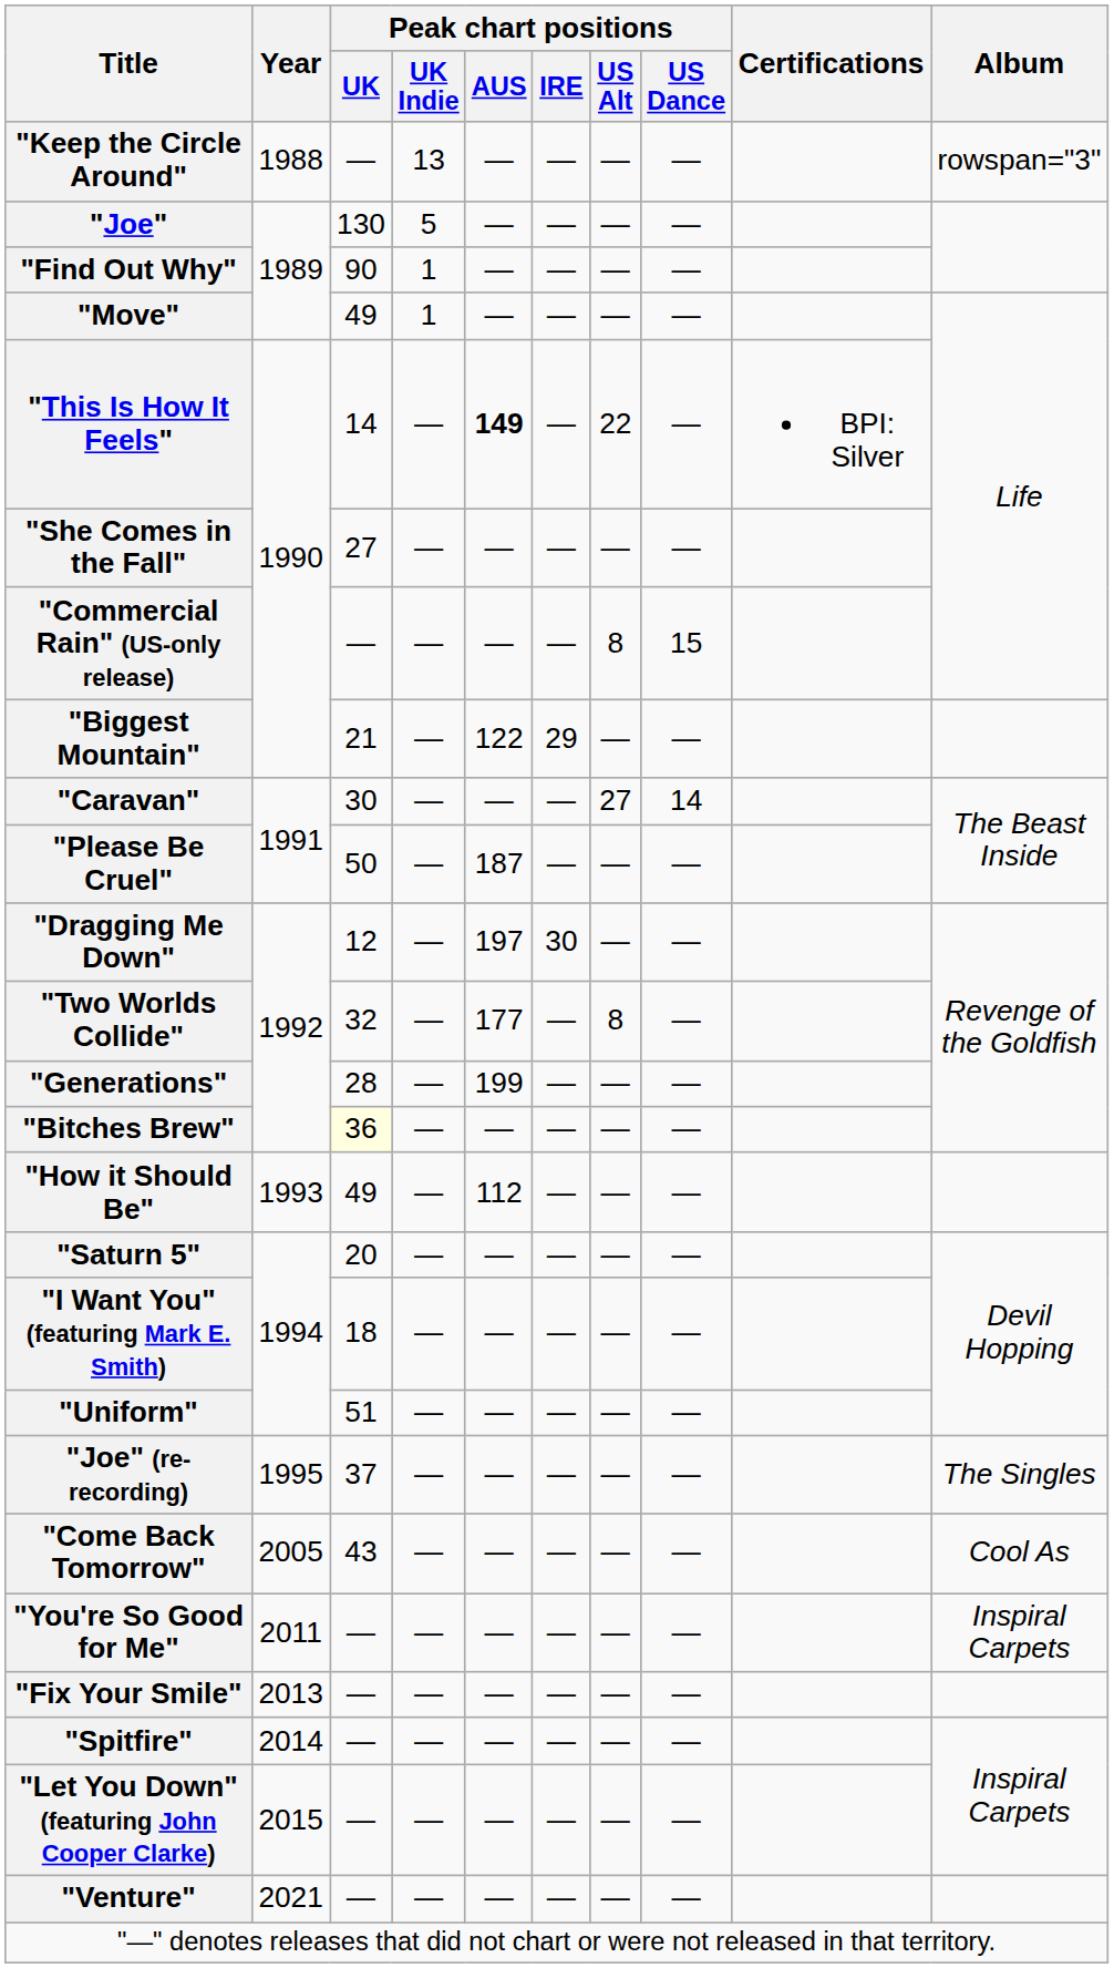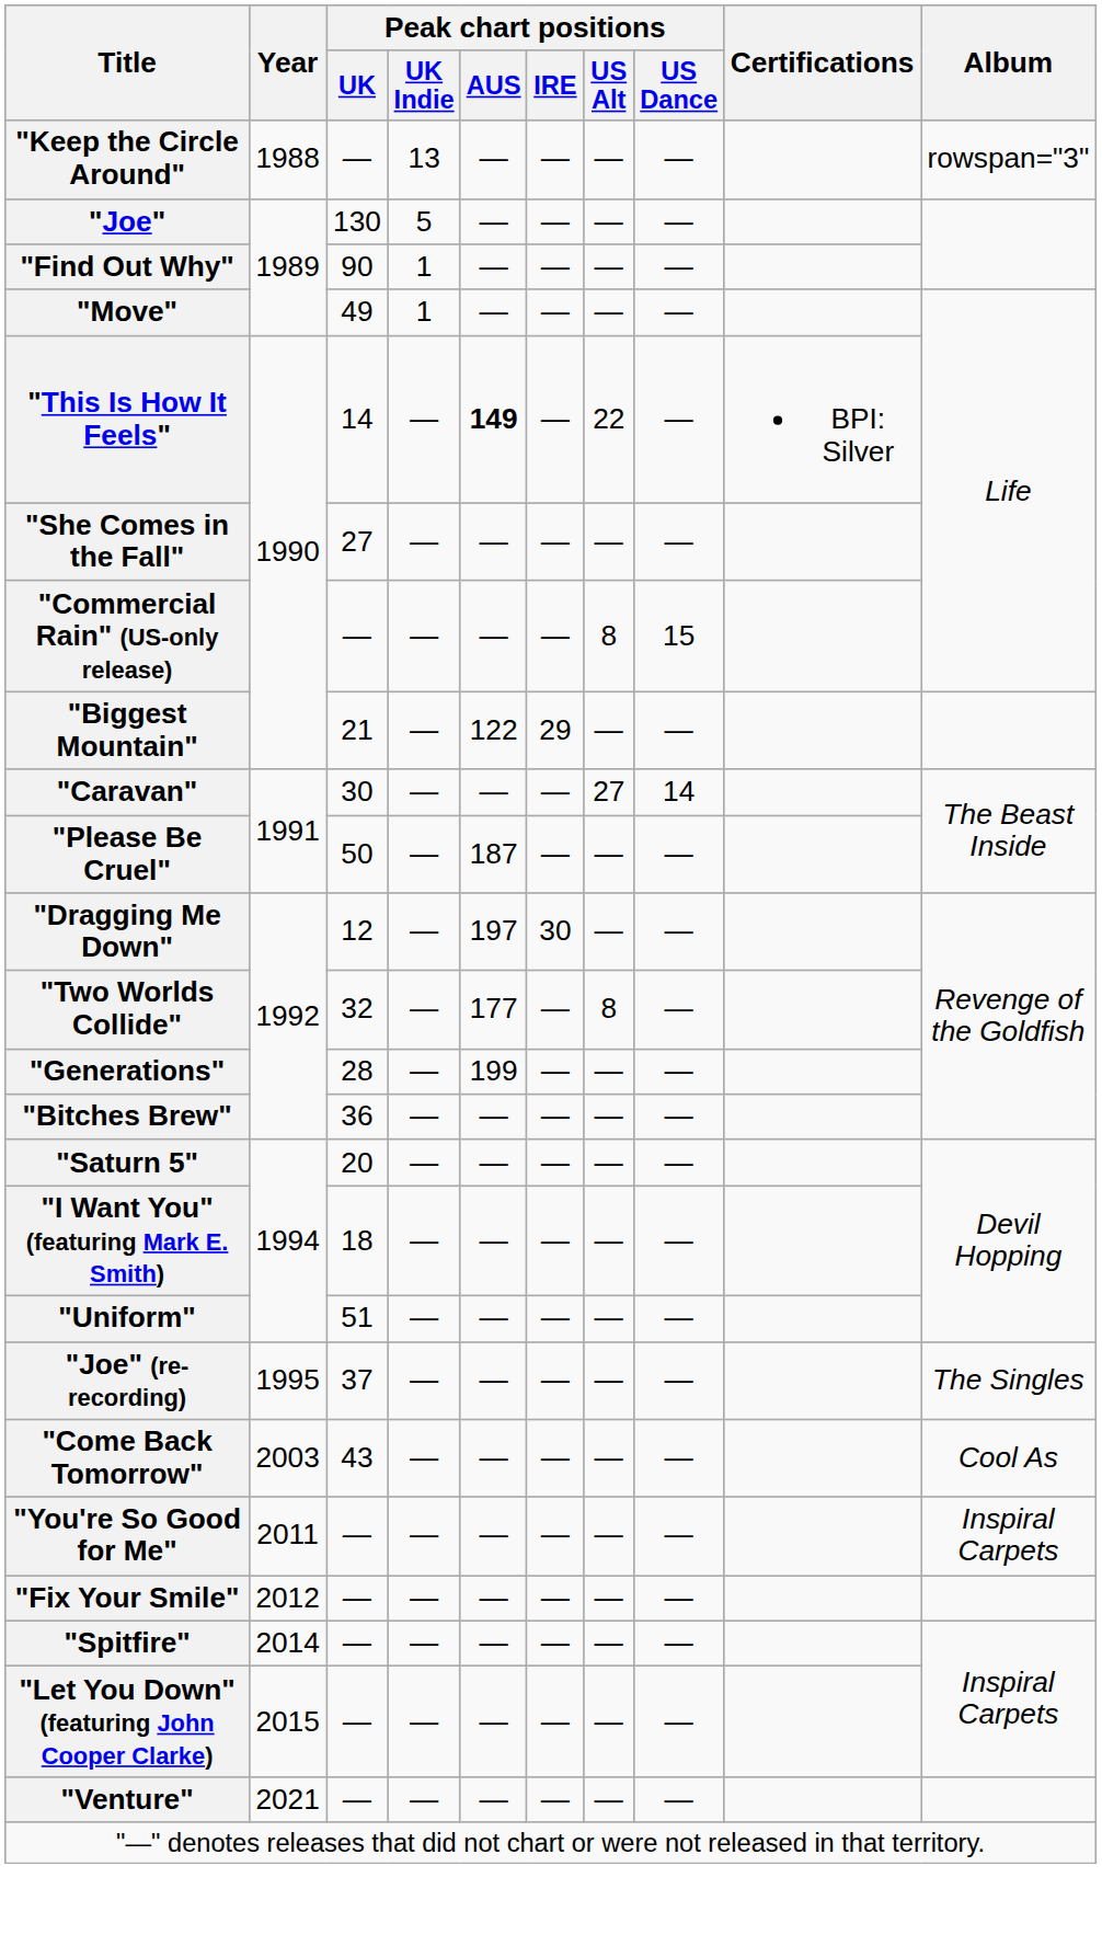 <table class="wikitable plainrowheaders" style="text-align:center;">
 <tr>
 <th rowspan="2" scope="col" style="width:15em;">Title</th>
 <th rowspan="2" scope="col" style="width:2em;">Year</th>
 <th colspan="6">Peak chart positions</th>
 <th rowspan="2">Certifications</th>
 <th rowspan="2">Album</th>
 </tr>
 <tr>
 <th scope="col" style="width:2em;font-size:90%;"><a href='#'>UK</a><br></th>
 <th scope="col" style="width:2em;font-size:90%;"><a href='#'>UK Indie</a><br></th>
 <th scope="col" style="width:2em;font-size:90%;"><a href='#'>AUS</a><br></th>
 <th scope="col" style="width:2em;font-size:90%;"><a href='#'>IRE</a><br></th>
 <th scope="col" style="width:2em;font-size:90%;"><a href='#'>US Alt</a><br></th>
 <th scope="col" style="width:2em;font-size:90%;"><a href='#'>US Dance</a><br></th>
 </tr>
 <tr>
 <th scope="row">"Keep the Circle Around"</th>
 <td>1988</td>
 <td>—</td>
 <td>13</td>
 <td>—</td>
 <td>—</td>
 <td>—</td>
 <td>—</td>
 <td></td>
 <td>rowspan="3" </td>
 </tr>
 <tr>
 <th scope="row">"<a href='#'>Joe</a>"</th>
 <td rowspan="3">1989</td>
 <td>130</td>
 <td>5</td>
 <td>—</td>
 <td>—</td>
 <td>—</td>
 <td>—</td>
 <td></td>
 </tr>
 <tr>
 <th scope="row">"Find Out Why"</th>
 <td>90</td>
 <td>1</td>
 <td>—</td>
 <td>—</td>
 <td>—</td>
 <td>—</td>
 <td></td>
 </tr>
 <tr>
 <th scope="row">"Move"</th>
 <td>49</td>
 <td>1</td>
 <td>—</td>
 <td>—</td>
 <td>—</td>
 <td>—</td>
 <td></td>
 <td rowspan="4"><em>Life</em></td>
 </tr>
 <tr>
 <th scope="row">"<a href='#'>This Is How It Feels</a>"</th>
 <td rowspan="4">1990</td>
 <td>14</td>
 <td>—</td>
 <td><strong>149</strong></td>
 <td>—</td>
 <td>22</td>
 <td>—</td>
 <td><br><ul><li>BPI: Silver</li></ul></td>
 </tr>
 <tr>
 <th scope="row">"She Comes in the Fall"</th>
 <td>27</td>
 <td>—</td>
 <td>—</td>
 <td>—</td>
 <td>—</td>
 <td>—</td>
 <td></td>
 </tr>
 <tr>
 <th scope="row">"Commercial Rain" <small>(US-only release)</small></th>
 <td>—</td>
 <td>—</td>
 <td>—</td>
 <td>—</td>
 <td>8</td>
 <td>15</td>
 <td></td>
 </tr>
 <tr>
 <th scope="row">"Biggest Mountain" </th>
 <td>21</td>
 <td>—</td>
 <td>122</td>
 <td>29</td>
 <td>—</td>
 <td>—</td>
 <td></td>
 <td></td>
 </tr>
 <tr>
 <th scope="row">"Caravan"</th>
 <td rowspan="2">1991</td>
 <td>30</td>
 <td>—</td>
 <td>—</td>
 <td>—</td>
 <td>27</td>
 <td>14</td>
 <td></td>
 <td rowspan="2"><em>The Beast Inside</em></td>
 </tr>
 <tr>
 <th scope="row">"Please Be Cruel"</th>
 <td>50</td>
 <td>—</td>
 <td>187</td>
 <td>—</td>
 <td>—</td>
 <td>—</td>
 <td></td>
 </tr>
 <tr>
 <th scope="row">"Dragging Me Down"</th>
 <td rowspan="4">1992</td>
 <td>12</td>
 <td>—</td>
 <td>197</td>
 <td>30</td>
 <td>—</td>
 <td>—</td>
 <td></td>
 <td rowspan="4"><em>Revenge of the Goldfish</em></td>
 </tr>
 <tr>
 <th scope="row">"Two Worlds Collide"</th>
 <td>32</td>
 <td>—</td>
 <td>177</td>
 <td>—</td>
 <td>8</td>
 <td>—</td>
 <td></td>
 </tr>
 <tr>
 <th scope="row">"Generations"</th>
 <td>28</td>
 <td>—</td>
 <td>199</td>
 <td>—</td>
 <td>—</td>
 <td>—</td>
 <td></td>
 </tr>
 <tr>
 <th scope="row">"Bitches Brew"</th>
-<td style="background: lightyellow;">36</td>
+<td>36</td>
 <td>—</td>
 <td>—</td>
 <td>—</td>
 <td>—</td>
 <td>—</td>
-<td></td>
-</tr>
-<tr>
-<th scope="row">"How it Should Be"</th>
-<td>1993</td>
-<td>49</td>
-<td>—</td>
-<td>112</td>
-<td>—</td>
-<td>—</td>
-<td>—</td>
-<td></td>
 <td></td>
 </tr>
 <tr>
 <th scope="row">"Saturn 5"</th>
 <td rowspan="3">1994</td>
 <td>20</td>
 <td>—</td>
 <td>—</td>
 <td>—</td>
 <td>—</td>
 <td>—</td>
 <td></td>
 <td rowspan="3"><em>Devil Hopping</em></td>
 </tr>
 <tr>
 <th scope="row">"I Want You" <small>(featuring <a href='#'>Mark E. Smith</a>)</small></th>
 <td>18</td>
 <td>—</td>
 <td>—</td>
 <td>—</td>
 <td>—</td>
 <td>—</td>
 <td></td>
 </tr>
 <tr>
 <th scope="row">"Uniform"</th>
 <td>51</td>
 <td>—</td>
 <td>—</td>
 <td>—</td>
 <td>—</td>
 <td>—</td>
 <td></td>
 </tr>
 <tr>
 <th scope="row">"Joe" <small>(re-recording)</small></th>
 <td>1995</td>
 <td>37</td>
 <td>—</td>
 <td>—</td>
 <td>—</td>
 <td>—</td>
 <td>—</td>
 <td></td>
 <td><em>The Singles</em></td>
 </tr>
 <tr>
 <th scope="row">"Come Back Tomorrow"</th>
-<td>2005</td>
+<td>2003</td>
 <td>43</td>
 <td>—</td>
 <td>—</td>
 <td>—</td>
 <td>—</td>
 <td>—</td>
 <td></td>
 <td><em>Cool As</em></td>
 </tr>
 <tr>
 <th scope="row">"You're So Good for Me"</th>
 <td>2011</td>
 <td>—</td>
 <td>—</td>
 <td>—</td>
 <td>—</td>
 <td>—</td>
 <td>—</td>
 <td></td>
 <td><em>Inspiral Carpets</em></td>
 </tr>
 <tr>
 <th scope="row">"Fix Your Smile"</th>
-<td>2013</td>
+<td>2012</td>
 <td>—</td>
 <td>—</td>
 <td>—</td>
 <td>—</td>
 <td>—</td>
 <td>—</td>
 <td></td>
 <td></td>
 </tr>
 <tr>
 <th scope="row">"Spitfire"</th>
 <td>2014</td>
 <td>—</td>
 <td>—</td>
 <td>—</td>
 <td>—</td>
 <td>—</td>
 <td>—</td>
 <td></td>
 <td rowspan="2"><em>Inspiral Carpets</em></td>
 </tr>
 <tr>
 <th scope="row">"Let You Down" <small>(featuring <a href='#'>John Cooper Clarke</a>)</small></th>
 <td>2015</td>
 <td>—</td>
 <td>—</td>
 <td>—</td>
 <td>—</td>
 <td>—</td>
 <td>—</td>
 <td></td>
 </tr>
 <tr>
 <th scope="row">"Venture"</th>
 <td>2021</td>
 <td>—</td>
 <td>—</td>
 <td>—</td>
 <td>—</td>
 <td>—</td>
 <td>—</td>
 <td></td>
 <td></td>
 </tr>
 <tr>
 <td colspan="10" style="font-size:90%">"—" denotes releases that did not chart or were not released in that territory.</td>
 </tr>
 </table>
